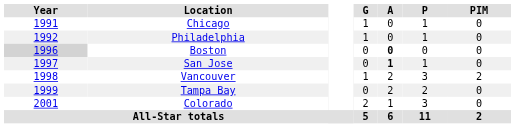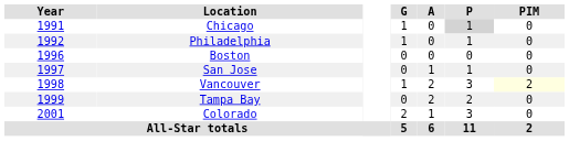 <table border="0" cellpadding="1" cellspacing="0" style="text-align:center; width:50em">
 <tr style="background:#e0e0e0;">
 <th>Year</th>
 <th>Location</th>
 <th rowspan="99" style="background:#fff;"> </th>
 <th>G</th>
 <th>A</th>
 <th>P</th>
 <th>PIM</th>
 </tr>
 <tr>
 <td><a href='#'>1991</a></td>
 <td><a href='#'>Chicago</a></td>
 <td>1</td>
 <td>0</td>
-<td>1</td>
+<td style="background: lightgrey;">1</td>
 <td>0</td>
 </tr>
 <tr bgcolor="#f0f0f0">
 <td><a href='#'>1992</a></td>
 <td><a href='#'>Philadelphia</a></td>
 <td>1</td>
 <td>0</td>
 <td>1</td>
 <td>0</td>
 </tr>
 <tr>
-<td style="background: lightgrey;"><a href='#'>1996</a></td>
+<td><a href='#'>1996</a></td>
 <td><a href='#'>Boston</a></td>
 <td>0</td>
-<td><strong>0</strong></td>
+<td>0</td>
 <td>0</td>
 <td>0</td>
 </tr>
 <tr bgcolor="#f0f0f0">
 <td><a href='#'>1997</a></td>
 <td><a href='#'>San Jose</a></td>
 <td>0</td>
-<td><strong>1</strong></td>
+<td>1</td>
 <td>1</td>
 <td>0</td>
 </tr>
 <tr>
 <td><a href='#'>1998</a></td>
 <td><a href='#'>Vancouver</a></td>
 <td>1</td>
 <td>2</td>
 <td>3</td>
-<td>2</td>
+<td style="background: lightyellow;">2</td>
 </tr>
 <tr bgcolor="#f0f0f0">
 <td><a href='#'>1999</a></td>
 <td><a href='#'>Tampa Bay</a></td>
 <td>0</td>
 <td>2</td>
 <td>2</td>
 <td>0</td>
 </tr>
 <tr>
 <td><a href='#'>2001</a></td>
 <td><a href='#'>Colorado</a></td>
 <td>2</td>
 <td>1</td>
 <td>3</td>
 <td>0</td>
 </tr>
 <tr style="background:#e0e0e0;">
 <th colspan=3>All-Star totals</th>
 <th>5</th>
 <th>6</th>
 <th>11</th>
 <th>2</th>
 </tr>
 </table>
